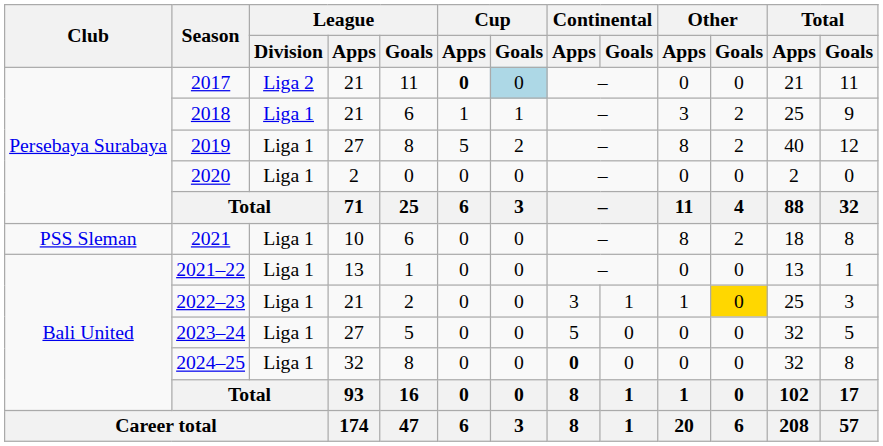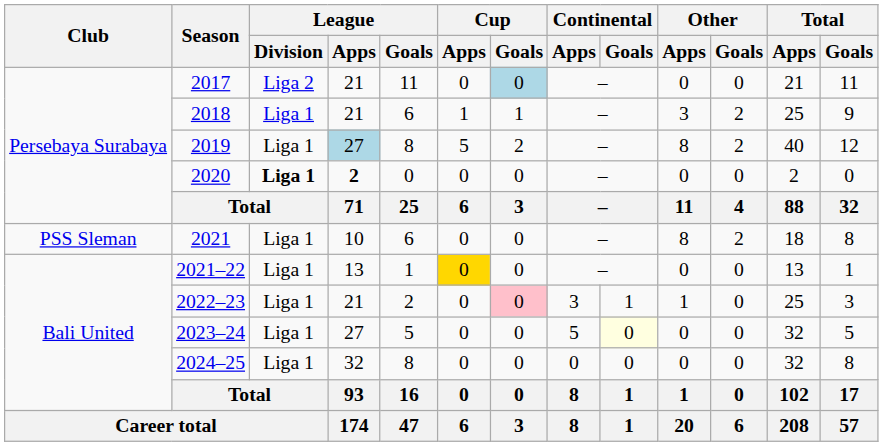 <table class="wikitable" style="text-align: center">
 <tr>
 <th rowspan="2">Club</th>
 <th rowspan="2">Season</th>
 <th colspan="3">League</th>
 <th colspan="2">Cup</th>
 <th colspan="2">Continental</th>
 <th colspan="2">Other</th>
 <th colspan="2">Total</th>
 </tr>
 <tr>
 <th>Division</th>
 <th>Apps</th>
 <th>Goals</th>
 <th>Apps</th>
 <th>Goals</th>
 <th>Apps</th>
 <th>Goals</th>
 <th>Apps</th>
 <th>Goals</th>
 <th>Apps</th>
 <th>Goals</th>
 </tr>
 <tr>
 <td rowspan="5"><a href='#'>Persebaya Surabaya</a></td>
 <td><a href='#'>2017</a></td>
 <td rowspan="1"><a href='#'>Liga 2</a></td>
 <td>21</td>
 <td>11</td>
-<td><strong>0</strong></td>
+<td>0</td>
 <td style="background: lightblue;">0</td>
 <td colspan="2">–</td>
 <td>0</td>
 <td>0</td>
 <td>21</td>
 <td>11</td>
 </tr>
 <tr>
 <td><a href='#'>2018</a></td>
 <td rowspan="1"><a href='#'>Liga 1</a></td>
 <td>21</td>
 <td>6</td>
 <td>1</td>
 <td>1</td>
 <td colspan="2">–</td>
 <td>3</td>
 <td>2</td>
 <td>25</td>
 <td>9</td>
 </tr>
 <tr>
 <td><a href='#'>2019</a></td>
 <td rowspan="1" valign="center">Liga 1</td>
-<td>27</td>
+<td style="background: lightblue;">27</td>
 <td>8</td>
 <td>5</td>
 <td>2</td>
 <td colspan="2">–</td>
 <td>8</td>
 <td>2</td>
 <td>40</td>
 <td>12</td>
 </tr>
 <tr>
 <td><a href='#'>2020</a></td>
-<td rowspan="1" valign="center">Liga 1</td>
-<td>2</td>
+<td rowspan="1" valign="center"><strong>Liga 1</strong></td>
+<td><strong>2</strong></td>
 <td>0</td>
 <td>0</td>
 <td>0</td>
 <td colspan="2">–</td>
 <td>0</td>
 <td>0</td>
 <td>2</td>
 <td>0</td>
 </tr>
 <tr>
 <th colspan="2">Total</th>
 <th>71</th>
 <th>25</th>
 <th>6</th>
 <th>3</th>
 <th colspan="2">–</th>
 <th>11</th>
 <th>4</th>
 <th>88</th>
 <th>32</th>
 </tr>
 <tr>
 <td rowspan="1"><a href='#'>PSS Sleman</a></td>
 <td><a href='#'>2021</a></td>
 <td rowspan="1">Liga 1</td>
 <td>10</td>
 <td>6</td>
 <td>0</td>
 <td>0</td>
 <td colspan="2">–</td>
 <td>8</td>
 <td>2</td>
 <td>18</td>
 <td>8</td>
 </tr>
 <tr>
 <td rowspan="5"><a href='#'>Bali United</a></td>
 <td><a href='#'>2021–22</a></td>
 <td rowspan="1">Liga 1</td>
 <td>13</td>
 <td>1</td>
-<td>0</td>
+<td style="background: gold;">0</td>
 <td>0</td>
 <td colspan="2">–</td>
 <td>0</td>
 <td>0</td>
 <td>13</td>
 <td>1</td>
 </tr>
 <tr>
 <td><a href='#'>2022–23</a></td>
 <td rowspan="1" valign="center">Liga 1</td>
 <td>21</td>
 <td>2</td>
 <td>0</td>
-<td>0</td>
+<td style="background: pink;">0</td>
 <td>3</td>
 <td>1</td>
 <td>1</td>
-<td style="background: gold;">0</td>
+<td>0</td>
 <td>25</td>
 <td>3</td>
 </tr>
 <tr>
 <td><a href='#'>2023–24</a></td>
 <td>Liga 1</td>
 <td>27</td>
 <td>5</td>
 <td>0</td>
 <td>0</td>
 <td>5</td>
-<td>0</td>
+<td style="background: lightyellow;">0</td>
 <td>0</td>
 <td>0</td>
 <td>32</td>
 <td>5</td>
 </tr>
 <tr>
 <td><a href='#'>2024–25</a></td>
 <td>Liga 1</td>
 <td>32</td>
 <td>8</td>
 <td>0</td>
 <td>0</td>
-<td><strong>0</strong></td>
+<td>0</td>
 <td>0</td>
 <td>0</td>
 <td>0</td>
 <td>32</td>
 <td>8</td>
 </tr>
 <tr>
 <th colspan="2">Total</th>
 <th>93</th>
 <th>16</th>
 <th>0</th>
 <th>0</th>
 <th>8</th>
 <th>1</th>
 <th>1</th>
 <th>0</th>
 <th>102</th>
 <th>17</th>
 </tr>
 <tr>
 <th colspan=3>Career total</th>
 <th>174</th>
 <th>47</th>
 <th>6</th>
 <th>3</th>
 <th>8</th>
 <th>1</th>
 <th>20</th>
 <th>6</th>
 <th>208</th>
 <th>57</th>
 </tr>
 </table>
